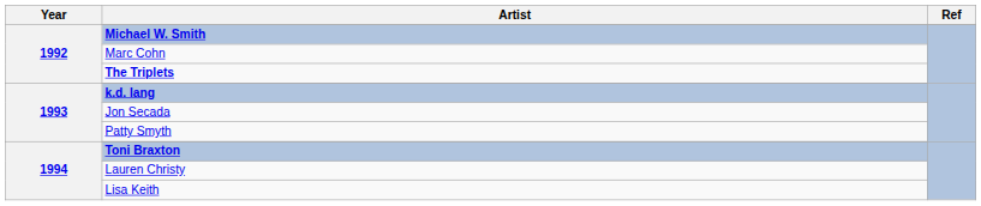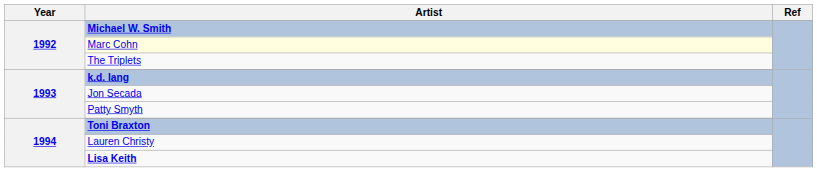 <table class="wikitable" width="100%">
 <tr>
 <th width="10%">Year</th>
 <th width="85%">Artist</th>
 <th width="5%">Ref</th>
 </tr>
 <tr>
 <th rowspan="4" align="center"><a href='#'>1992<br></a></th>
 </tr>
 <tr style="background:#B0C4DE">
 <td><strong><a href='#'>Michael W. Smith</a></strong></td>
 <td rowspan="4" align="center"></td>
 </tr>
 <tr>
-<td><a href='#'>Marc Cohn</a></td>
+<td style="background: lightyellow;"><a href='#'>Marc Cohn</a></td>
 </tr>
 <tr>
-<td><strong><a href='#'>The Triplets</a></strong></td>
+<td><a href='#'>The Triplets</a></td>
 </tr>
 <tr>
 <th rowspan="4" align="center"><a href='#'>1993<br></a></th>
 </tr>
 <tr style="background:#B0C4DE">
 <td><strong><a href='#'>k.d. lang</a></strong></td>
 <td rowspan="4" align="center"></td>
 </tr>
 <tr>
 <td><a href='#'>Jon Secada</a></td>
 </tr>
 <tr>
 <td><a href='#'>Patty Smyth</a></td>
 </tr>
 <tr>
 <th rowspan="4" align="center"><a href='#'>1994<br></a></th>
 </tr>
 <tr style="background:#B0C4DE">
 <td><strong><a href='#'>Toni Braxton</a></strong></td>
 <td rowspan="4" align="center"></td>
 </tr>
 <tr>
 <td><a href='#'>Lauren Christy</a></td>
 </tr>
 <tr>
-<td><a href='#'>Lisa Keith</a></td>
+<td><strong><a href='#'>Lisa Keith</a></strong></td>
 </tr>
 </table>
